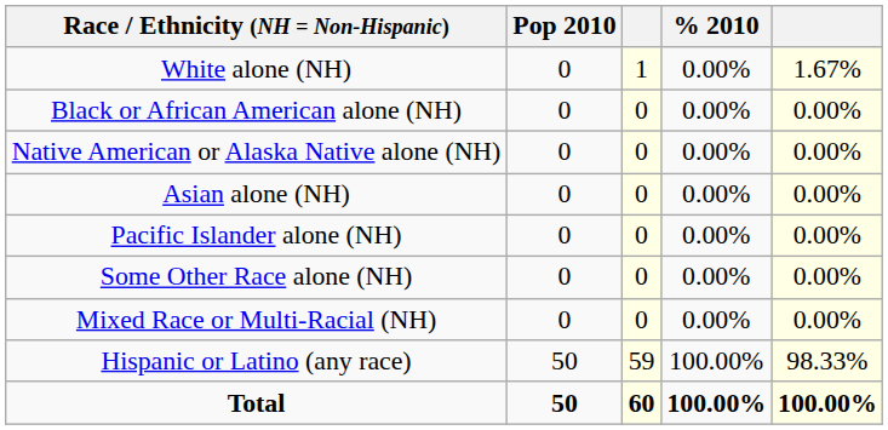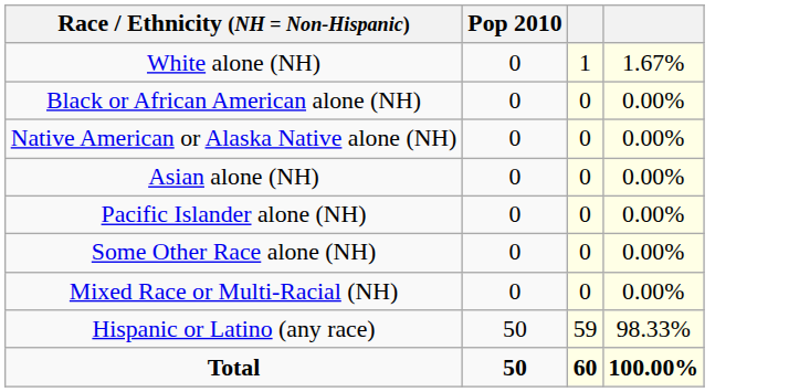 <table class="wikitable" style="text-align:center;">
 <tr>
 <th>Race / Ethnicity <small>(<em>NH = Non-Hispanic</em>)</small></th>
 <th>Pop 2010</th>
 <th></th>
-<th>% 2010</th>
 <th></th>
 </tr>
 <tr>
 <td><a href='#'>White</a> alone (NH)</td>
 <td>0</td>
 <td style='background: #ffffe6;'>1</td>
-<td>0.00%</td>
 <td style='background: #ffffe6;'>1.67%</td>
 </tr>
 <tr>
 <td><a href='#'>Black or African American</a> alone (NH)</td>
 <td>0</td>
 <td style='background: #ffffe6;'>0</td>
-<td>0.00%</td>
 <td style='background: #ffffe6;'>0.00%</td>
 </tr>
 <tr>
 <td><a href='#'>Native American</a> or <a href='#'>Alaska Native</a> alone (NH)</td>
 <td>0</td>
 <td style='background: #ffffe6;'>0</td>
-<td>0.00%</td>
 <td style='background: #ffffe6;'>0.00%</td>
 </tr>
 <tr>
 <td><a href='#'>Asian</a> alone (NH)</td>
 <td>0</td>
 <td style='background: #ffffe6;'>0</td>
-<td>0.00%</td>
 <td style='background: #ffffe6;'>0.00%</td>
 </tr>
 <tr>
 <td><a href='#'>Pacific Islander</a> alone (NH)</td>
 <td>0</td>
 <td style='background: #ffffe6;'>0</td>
-<td>0.00%</td>
 <td style='background: #ffffe6;'>0.00%</td>
 </tr>
 <tr>
 <td><a href='#'>Some Other Race</a> alone (NH)</td>
 <td>0</td>
 <td style='background: #ffffe6;'>0</td>
-<td>0.00%</td>
 <td style='background: #ffffe6;'>0.00%</td>
 </tr>
 <tr>
 <td><a href='#'>Mixed Race or Multi-Racial</a> (NH)</td>
 <td>0</td>
 <td style='background: #ffffe6;'>0</td>
-<td>0.00%</td>
 <td style='background: #ffffe6;'>0.00%</td>
 </tr>
 <tr>
 <td><a href='#'>Hispanic or Latino</a> (any race)</td>
 <td>50</td>
 <td style='background: #ffffe6;'>59</td>
-<td>100.00%</td>
 <td style='background: #ffffe6;'>98.33%</td>
 </tr>
 <tr>
 <td><strong>Total</strong></td>
 <td><strong>50</strong></td>
 <td style='background: #ffffe6;'><strong>60</strong></td>
-<td><strong>100.00%</strong></td>
 <td style='background: #ffffe6;'><strong>100.00%</strong></td>
 </tr>
 </table>
